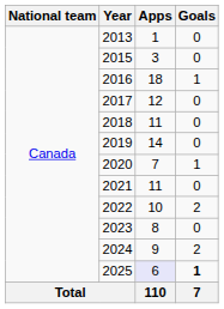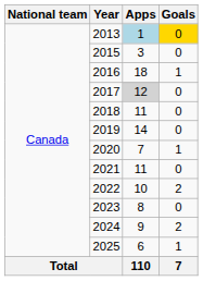 <table class="wikitable" style="text-align:center">
 <tr>
 <th>National team</th>
 <th>Year</th>
 <th>Apps</th>
 <th>Goals</th>
 </tr>
 <tr>
 <td rowspan="12"><a href='#'>Canada</a></td>
 <td>2013</td>
-<td>1</td>
-<td>0</td>
+<td style="background: lightblue;">1</td>
+<td style="background: gold;">0</td>
 </tr>
 <tr>
 <td>2015</td>
 <td>3</td>
 <td>0</td>
 </tr>
 <tr>
 <td>2016</td>
 <td>18</td>
 <td>1</td>
 </tr>
 <tr>
 <td>2017</td>
-<td>12</td>
+<td style="background: lightgrey;">12</td>
 <td>0</td>
 </tr>
 <tr>
 <td>2018</td>
 <td>11</td>
 <td>0</td>
 </tr>
 <tr>
 <td>2019</td>
 <td>14</td>
 <td>0</td>
 </tr>
 <tr>
 <td>2020</td>
 <td>7</td>
 <td>1</td>
 </tr>
 <tr>
 <td>2021</td>
 <td>11</td>
 <td>0</td>
 </tr>
 <tr>
 <td>2022</td>
 <td>10</td>
 <td>2</td>
 </tr>
 <tr>
 <td>2023</td>
 <td>8</td>
 <td>0</td>
 </tr>
 <tr>
 <td>2024</td>
 <td>9</td>
 <td>2</td>
 </tr>
 <tr>
 <td>2025</td>
-<td style="background: lavender;">6</td>
-<td><strong>1</strong></td>
+<td>6</td>
+<td>1</td>
 </tr>
 <tr>
 <th colspan="2">Total</th>
 <th>110</th>
 <th>7</th>
 </tr>
 </table>
